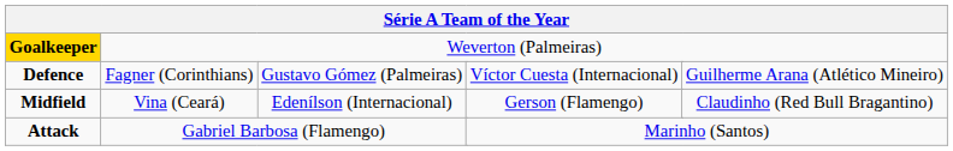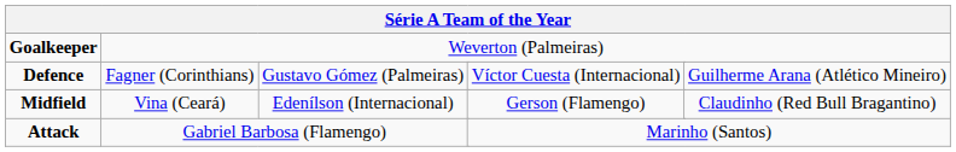 <table class="wikitable" style="text-align:center">
 <tr>
 <th colspan="13"><a href='#'>Série A Team of the Year</a></th>
 </tr>
 <tr>
-<td style="background: gold;"><strong>Goalkeeper</strong></td>
+<td><strong>Goalkeeper</strong></td>
 <td colspan="12"> <a href='#'>Weverton</a> (Palmeiras)</td>
 </tr>
 <tr>
 <td><strong>Defence</strong></td>
 <td colspan="3"> <a href='#'>Fagner</a> (Corinthians)</td>
 <td colspan="3"> <a href='#'>Gustavo Gómez</a> (Palmeiras)</td>
 <td colspan="3"> <a href='#'>Víctor Cuesta</a> (Internacional)</td>
 <td colspan="3"> <a href='#'>Guilherme Arana</a> (Atlético Mineiro)</td>
 </tr>
 <tr>
 <td><strong>Midfield</strong></td>
 <td colspan="3"> <a href='#'>Vina</a> (Ceará)</td>
 <td colspan="3"> <a href='#'>Edenílson</a> (Internacional)</td>
 <td colspan="3"> <a href='#'>Gerson</a> (Flamengo)</td>
 <td colspan="3"> <a href='#'>Claudinho</a> (Red Bull Bragantino)</td>
 </tr>
 <tr>
 <td><strong>Attack</strong></td>
 <td colspan="6"> <a href='#'>Gabriel Barbosa</a> (Flamengo)</td>
 <td colspan="6"> <a href='#'>Marinho</a> (Santos)</td>
 </tr>
 </table>
